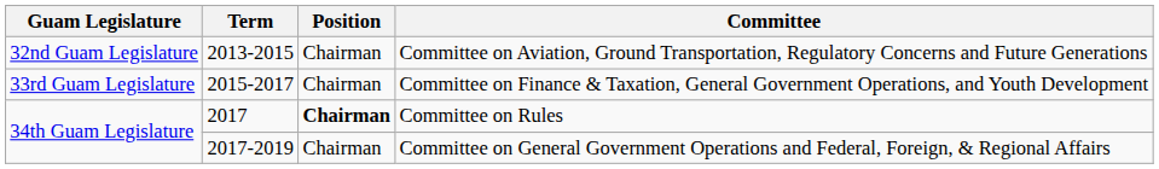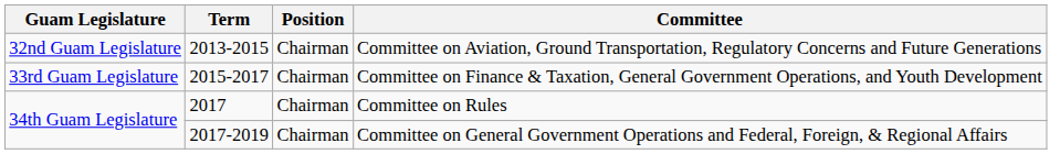 <table class="wikitable sortable" id="committee leadership">
 <tr style="vertical-align:bottom;">
 <th>Guam Legislature</th>
 <th>Term</th>
 <th>Position</th>
 <th>Committee</th>
 </tr>
 <tr>
 <td><a href='#'>32nd Guam Legislature</a></td>
 <td>2013-2015</td>
 <td>Chairman</td>
 <td>Committee on Aviation, Ground Transportation, Regulatory Concerns and Future Generations</td>
 </tr>
 <tr>
 <td><a href='#'>33rd Guam Legislature</a></td>
 <td>2015-2017</td>
 <td>Chairman</td>
 <td>Committee on Finance & Taxation, General Government Operations, and Youth Development</td>
 </tr>
 <tr>
 <td rowspan="2"><a href='#'>34th Guam Legislature</a></td>
 <td>2017</td>
-<td><strong>Chairman</strong></td>
+<td>Chairman</td>
 <td>Committee on Rules</td>
 </tr>
 <tr>
 <td>2017-2019</td>
 <td>Chairman</td>
 <td>Committee on General Government Operations and Federal, Foreign, & Regional Affairs</td>
 </tr>
 </table>
